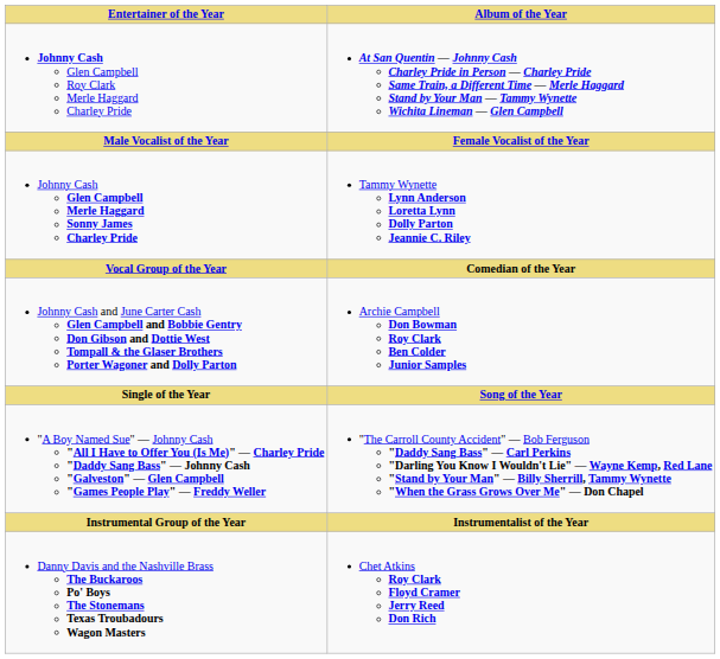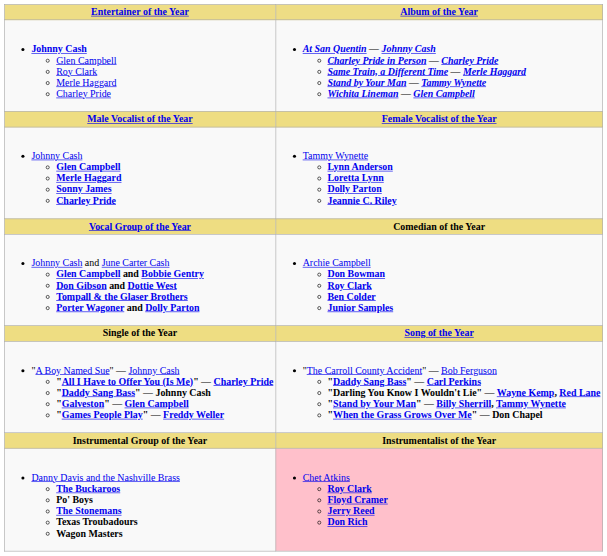 <table class="wikitable">
 <tr>
 <th style="background:#EEDD85; width=50%"><a href='#'>Entertainer of the Year</a></th>
 <th style="background:#EEDD85; width=50%"><a href='#'>Album of the Year</a></th>
 </tr>
 <tr>
 <td valign="top"><br><ul><li><strong><a href='#'>Johnny Cash</a></strong><ul><li><a href='#'>Glen Campbell</a></li><li><a href='#'>Roy Clark</a></li><li><a href='#'>Merle Haggard</a></li><li><a href='#'>Charley Pride</a></li></ul></li></ul></td>
 <td valign="top"><br><ul><li><strong><em><a href='#'>At San Quentin</a><em> — <a href='#'>Johnny Cash</a><strong><ul><li></em><a href='#'>Charley Pride in Person</a><em> — <a href='#'>Charley Pride</a></li><li></em><a href='#'>Same Train, a Different Time</a><em> — <a href='#'>Merle Haggard</a>   </li><li></em><a href='#'>Stand by Your Man</a><em> — <a href='#'>Tammy Wynette</a></li><li></em><a href='#'>Wichita Lineman</a><em> — <a href='#'>Glen Campbell</a></li></ul></li></ul></td>
 </tr>
 <tr>
 <th style="background:#EEDD82; width=50%"><a href='#'>Male Vocalist of the Year</a></th>
 <th style="background:#EEDD82; width=50%"><a href='#'>Female Vocalist of the Year</a></th>
 </tr>
 <tr>
 <td valign="top"><br><ul><li></strong><a href='#'>Johnny Cash</a><strong><ul><li><a href='#'>Glen Campbell</a></li><li><a href='#'>Merle Haggard</a></li><li><a href='#'>Sonny James</a></li><li><a href='#'>Charley Pride</a></li></ul></li></ul></td>
 <td valign="top"><br><ul><li></strong><a href='#'>Tammy Wynette</a><strong><ul><li><a href='#'>Lynn Anderson</a></li><li><a href='#'>Loretta Lynn</a></li><li><a href='#'>Dolly Parton</a></li><li><a href='#'>Jeannie C. Riley</a></li></ul></li></ul></td>
 </tr>
 <tr>
 <th style="background:#EEDD82; width=50%"><a href='#'>Vocal Group of the Year</a></th>
 <th style="background:#EEDD82; width=50%">Comedian of the Year</th>
 </tr>
 <tr>
 <td valign="top"><br><ul><li></strong><a href='#'>Johnny Cash</a> and <a href='#'>June Carter Cash</a><strong><ul><li><a href='#'>Glen Campbell</a> and <a href='#'>Bobbie Gentry</a></li><li><a href='#'>Don Gibson</a> and <a href='#'>Dottie West</a></li><li><a href='#'>Tompall & the Glaser Brothers</a></li><li><a href='#'>Porter Wagoner</a> and <a href='#'>Dolly Parton</a></li></ul></li></ul></td>
 <td valign="top"><br><ul><li></strong><a href='#'>Archie Campbell</a><strong><ul><li><a href='#'>Don Bowman</a></li><li><a href='#'>Roy Clark</a></li><li><a href='#'>Ben Colder</a></li><li><a href='#'>Junior Samples</a></li></ul></li></ul></td>
 </tr>
 <tr>
 <th style="background:#EEDD82; width=50%">Single of the Year</th>
 <th style="background:#EEDD82; width=50%"><a href='#'>Song of the Year</a></th>
 </tr>
 <tr>
 <td valign="top"><br><ul><li></strong>"<a href='#'>A Boy Named Sue</a>" — <a href='#'>Johnny Cash</a><strong><ul><li>"<a href='#'>All I Have to Offer You (Is Me)</a>" — <a href='#'>Charley Pride</a></li><li>"<a href='#'>Daddy Sang Bass</a>" — Johnny Cash</li><li>"<a href='#'>Galveston</a>" — <a href='#'>Glen Campbell</a></li><li>"<a href='#'>Games People Play</a>" — <a href='#'>Freddy Weller</a></li></ul></li></ul></td>
 <td valign="top"><br><ul><li></strong>"<a href='#'>The Carroll County Accident</a>" — <a href='#'>Bob Ferguson</a><strong><ul><li>"<a href='#'>Daddy Sang Bass</a>" — <a href='#'>Carl Perkins</a></li><li>"Darling You Know I Wouldn't Lie" — <a href='#'>Wayne Kemp</a>, <a href='#'>Red Lane</a></li><li>"<a href='#'>Stand by Your Man</a>" — <a href='#'>Billy Sherrill</a>, <a href='#'>Tammy Wynette</a></li><li>"<a href='#'>When the Grass Grows Over Me</a>" — Don Chapel</li></ul></li></ul></td>
 </tr>
 <tr>
 <th style="background:#EEDD82; width=50%">Instrumental Group of the Year</th>
 <th style="background:#EEDD82; width=50%">Instrumentalist of the Year</th>
 </tr>
 <tr>
 <td valign="top"><br><ul><li></strong><a href='#'>Danny Davis and the Nashville Brass</a><strong><ul><li><a href='#'>The Buckaroos</a></li><li>Po' Boys</li><li><a href='#'>The Stonemans</a></li><li>Texas Troubadours</li><li>Wagon Masters</li></ul></li></ul></td>
-<td valign="top"><br><ul><li></strong><a href='#'>Chet Atkins</a><strong><ul><li><a href='#'>Roy Clark</a></li><li><a href='#'>Floyd Cramer</a></li><li><a href='#'>Jerry Reed</a></li><li><a href='#'>Don Rich</a></li></ul></li></ul></td>
+<td valign="top" style="background: pink;"><br><ul><li></strong><a href='#'>Chet Atkins</a><strong><ul><li><a href='#'>Roy Clark</a></li><li><a href='#'>Floyd Cramer</a></li><li><a href='#'>Jerry Reed</a></li><li><a href='#'>Don Rich</a></li></ul></li></ul></td>
 </tr>
 </table>
